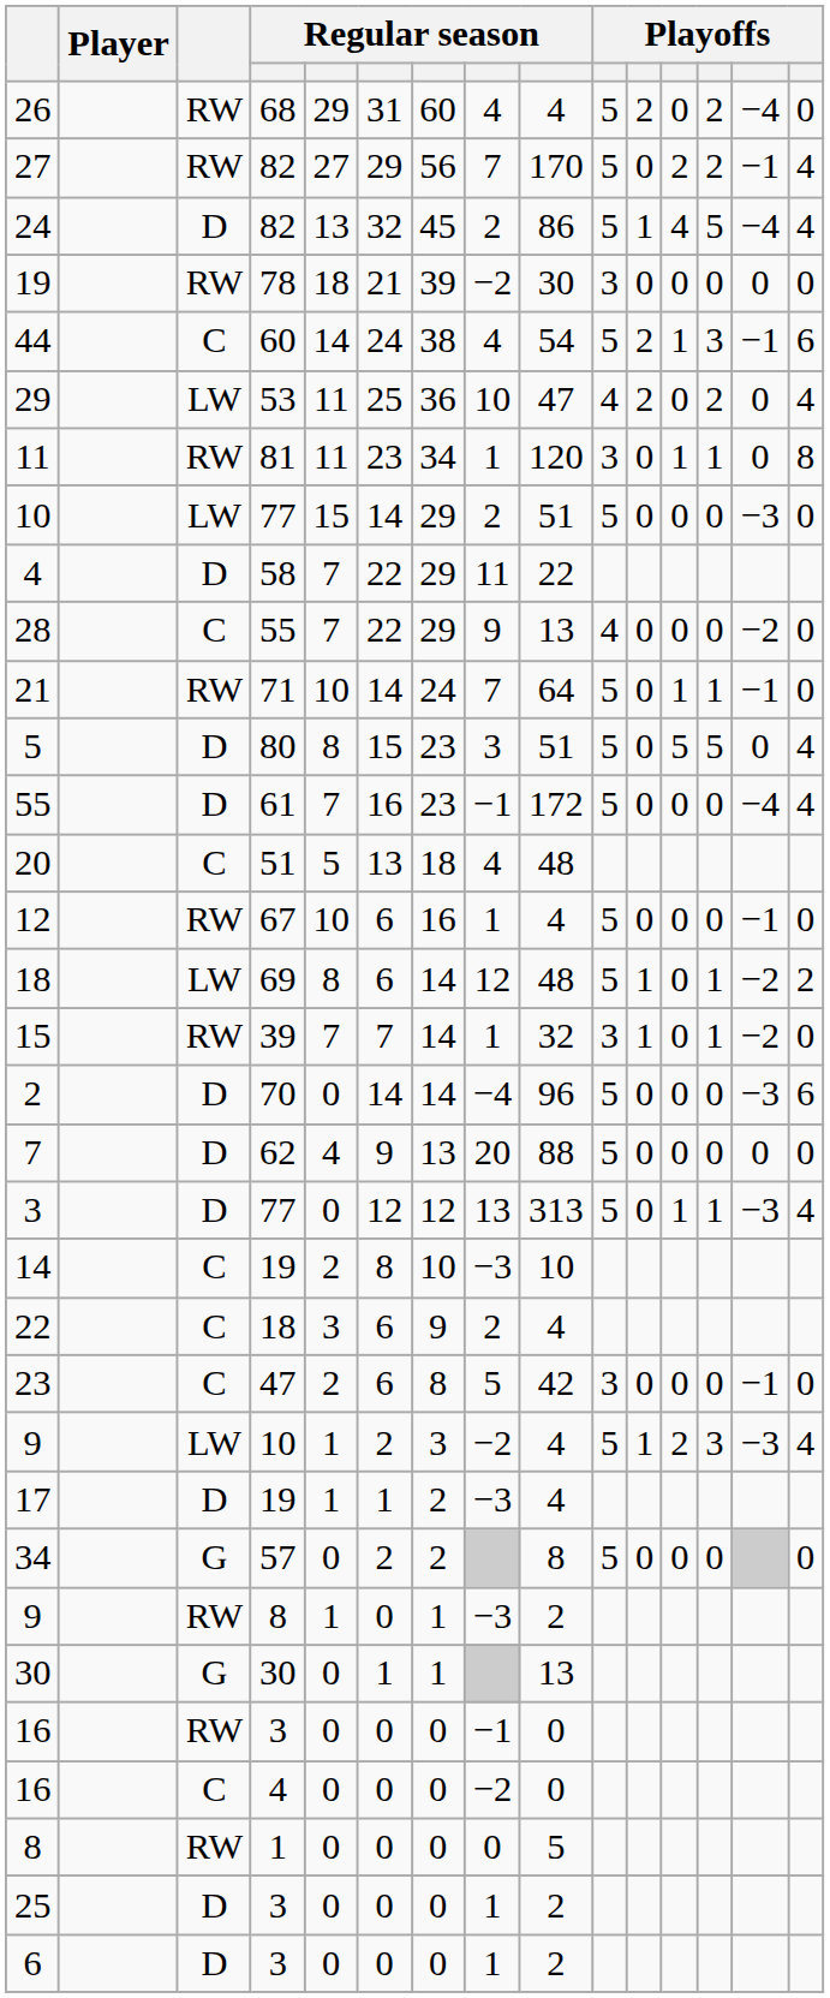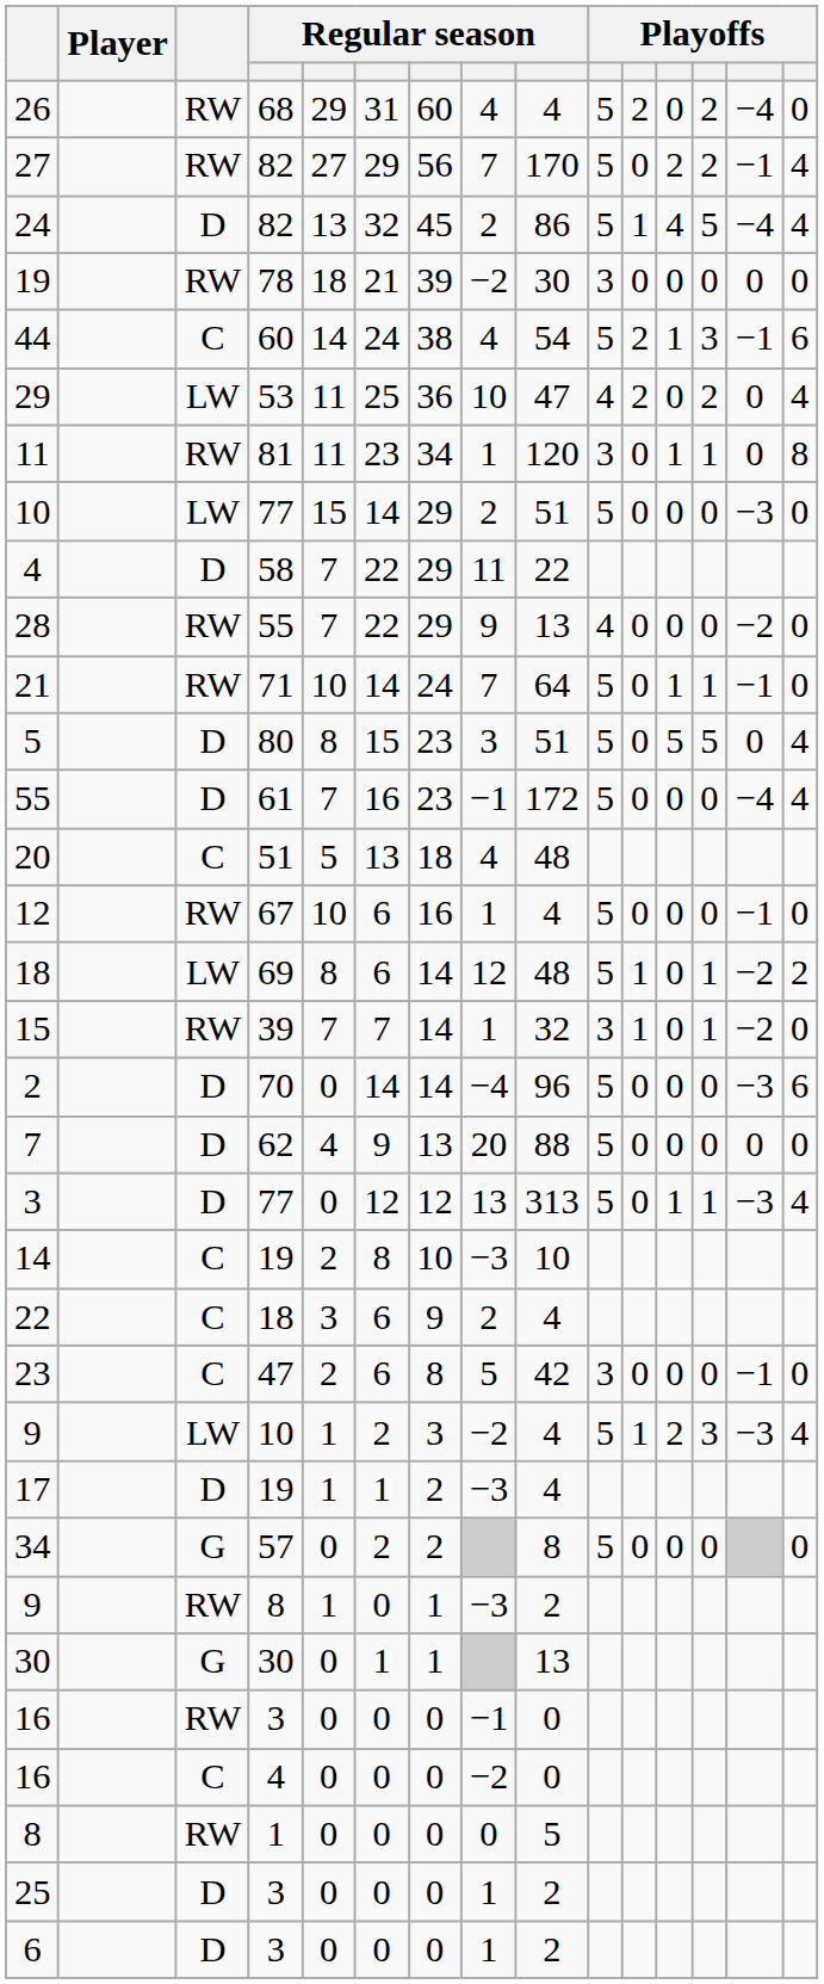 <table class="wikitable sortable plainrowheaders" style="text-align:center;">
 <tr>
 <th scope="col" data-sort-type="number" rowspan="2"></th>
 <th scope="col" rowspan="2">Player</th>
 <th scope="col" rowspan="2"></th>
 <th scope=colgroup colspan=6>Regular season</th>
 <th scope=colgroup colspan=6>Playoffs</th>
 </tr>
 <tr>
 <th scope="col" data-sort-type="number"></th>
 <th scope="col" data-sort-type="number"></th>
 <th scope="col" data-sort-type="number"></th>
 <th scope="col" data-sort-type="number"></th>
 <th scope="col" data-sort-type="number"></th>
 <th scope="col" data-sort-type="number"></th>
 <th scope="col" data-sort-type="number"></th>
 <th scope="col" data-sort-type="number"></th>
 <th scope="col" data-sort-type="number"></th>
 <th scope="col" data-sort-type="number"></th>
 <th scope="col" data-sort-type="number"></th>
 <th scope="col" data-sort-type="number"></th>
 </tr>
 <tr>
 <td scope="row">26</td>
 <td align="left"></td>
 <td>RW</td>
 <td>68</td>
 <td>29</td>
 <td>31</td>
 <td>60</td>
 <td>4</td>
 <td>4</td>
 <td>5</td>
 <td>2</td>
 <td>0</td>
 <td>2</td>
 <td>−4</td>
 <td>0</td>
 </tr>
 <tr>
 <td scope="row">27</td>
 <td align="left"></td>
 <td>RW</td>
 <td>82</td>
 <td>27</td>
 <td>29</td>
 <td>56</td>
 <td>7</td>
 <td>170</td>
 <td>5</td>
 <td>0</td>
 <td>2</td>
 <td>2</td>
 <td>−1</td>
 <td>4</td>
 </tr>
 <tr>
 <td scope="row">24</td>
 <td align="left"></td>
 <td>D</td>
 <td>82</td>
 <td>13</td>
 <td>32</td>
 <td>45</td>
 <td>2</td>
 <td>86</td>
 <td>5</td>
 <td>1</td>
 <td>4</td>
 <td>5</td>
 <td>−4</td>
 <td>4</td>
 </tr>
 <tr>
 <td scope="row">19</td>
 <td align="left"></td>
 <td>RW</td>
 <td>78</td>
 <td>18</td>
 <td>21</td>
 <td>39</td>
 <td>−2</td>
 <td>30</td>
 <td>3</td>
 <td>0</td>
 <td>0</td>
 <td>0</td>
 <td>0</td>
 <td>0</td>
 </tr>
 <tr>
 <td scope="row">44</td>
 <td align="left"></td>
 <td>C</td>
 <td>60</td>
 <td>14</td>
 <td>24</td>
 <td>38</td>
 <td>4</td>
 <td>54</td>
 <td>5</td>
 <td>2</td>
 <td>1</td>
 <td>3</td>
 <td>−1</td>
 <td>6</td>
 </tr>
 <tr>
 <td scope="row">29</td>
 <td align="left"></td>
 <td>LW</td>
 <td>53</td>
 <td>11</td>
 <td>25</td>
 <td>36</td>
 <td>10</td>
 <td>47</td>
 <td>4</td>
 <td>2</td>
 <td>0</td>
 <td>2</td>
 <td>0</td>
 <td>4</td>
 </tr>
 <tr>
 <td scope="row">11</td>
 <td align="left"></td>
 <td>RW</td>
 <td>81</td>
 <td>11</td>
 <td>23</td>
 <td>34</td>
 <td>1</td>
 <td>120</td>
 <td>3</td>
 <td>0</td>
 <td>1</td>
 <td>1</td>
 <td>0</td>
 <td>8</td>
 </tr>
 <tr>
 <td scope="row">10</td>
 <td align="left"></td>
 <td>LW</td>
 <td>77</td>
 <td>15</td>
 <td>14</td>
 <td>29</td>
 <td>2</td>
 <td>51</td>
 <td>5</td>
 <td>0</td>
 <td>0</td>
 <td>0</td>
 <td>−3</td>
 <td>0</td>
 </tr>
 <tr>
 <td scope="row">4</td>
 <td align="left"></td>
 <td>D</td>
 <td>58</td>
 <td>7</td>
 <td>22</td>
 <td>29</td>
 <td>11</td>
 <td>22</td>
 <td></td>
 <td></td>
 <td></td>
 <td></td>
 <td></td>
 <td></td>
 </tr>
 <tr>
 <td scope="row">28</td>
 <td align="left"></td>
-<td>C</td>
+<td>RW</td>
 <td>55</td>
 <td>7</td>
 <td>22</td>
 <td>29</td>
 <td>9</td>
 <td>13</td>
 <td>4</td>
 <td>0</td>
 <td>0</td>
 <td>0</td>
 <td>−2</td>
 <td>0</td>
 </tr>
 <tr>
 <td scope="row">21</td>
 <td align="left"></td>
 <td>RW</td>
 <td>71</td>
 <td>10</td>
 <td>14</td>
 <td>24</td>
 <td>7</td>
 <td>64</td>
 <td>5</td>
 <td>0</td>
 <td>1</td>
 <td>1</td>
 <td>−1</td>
 <td>0</td>
 </tr>
 <tr>
 <td scope="row">5</td>
 <td align="left"></td>
 <td>D</td>
 <td>80</td>
 <td>8</td>
 <td>15</td>
 <td>23</td>
 <td>3</td>
 <td>51</td>
 <td>5</td>
 <td>0</td>
 <td>5</td>
 <td>5</td>
 <td>0</td>
 <td>4</td>
 </tr>
 <tr>
 <td scope="row">55</td>
 <td align="left"></td>
 <td>D</td>
 <td>61</td>
 <td>7</td>
 <td>16</td>
 <td>23</td>
 <td>−1</td>
 <td>172</td>
 <td>5</td>
 <td>0</td>
 <td>0</td>
 <td>0</td>
 <td>−4</td>
 <td>4</td>
 </tr>
 <tr>
 <td scope="row">20</td>
 <td align="left"></td>
 <td>C</td>
 <td>51</td>
 <td>5</td>
 <td>13</td>
 <td>18</td>
 <td>4</td>
 <td>48</td>
 <td></td>
 <td></td>
 <td></td>
 <td></td>
 <td></td>
 <td></td>
 </tr>
 <tr>
 <td scope="row">12</td>
 <td align="left"></td>
 <td>RW</td>
 <td>67</td>
 <td>10</td>
 <td>6</td>
 <td>16</td>
 <td>1</td>
 <td>4</td>
 <td>5</td>
 <td>0</td>
 <td>0</td>
 <td>0</td>
 <td>−1</td>
 <td>0</td>
 </tr>
 <tr>
 <td scope="row">18</td>
 <td align="left"></td>
 <td>LW</td>
 <td>69</td>
 <td>8</td>
 <td>6</td>
 <td>14</td>
 <td>12</td>
 <td>48</td>
 <td>5</td>
 <td>1</td>
 <td>0</td>
 <td>1</td>
 <td>−2</td>
 <td>2</td>
 </tr>
 <tr>
 <td scope="row">15</td>
 <td align="left"></td>
 <td>RW</td>
 <td>39</td>
 <td>7</td>
 <td>7</td>
 <td>14</td>
 <td>1</td>
 <td>32</td>
 <td>3</td>
 <td>1</td>
 <td>0</td>
 <td>1</td>
 <td>−2</td>
 <td>0</td>
 </tr>
 <tr>
 <td scope="row">2</td>
 <td align="left"></td>
 <td>D</td>
 <td>70</td>
 <td>0</td>
 <td>14</td>
 <td>14</td>
 <td>−4</td>
 <td>96</td>
 <td>5</td>
 <td>0</td>
 <td>0</td>
 <td>0</td>
 <td>−3</td>
 <td>6</td>
 </tr>
 <tr>
 <td scope="row">7</td>
 <td align="left"></td>
 <td>D</td>
 <td>62</td>
 <td>4</td>
 <td>9</td>
 <td>13</td>
 <td>20</td>
 <td>88</td>
 <td>5</td>
 <td>0</td>
 <td>0</td>
 <td>0</td>
 <td>0</td>
 <td>0</td>
 </tr>
 <tr>
 <td scope="row">3</td>
 <td align="left"></td>
 <td>D</td>
 <td>77</td>
 <td>0</td>
 <td>12</td>
 <td>12</td>
 <td>13</td>
 <td>313</td>
 <td>5</td>
 <td>0</td>
 <td>1</td>
 <td>1</td>
 <td>−3</td>
 <td>4</td>
 </tr>
 <tr>
 <td scope="row">14</td>
 <td align="left"></td>
 <td>C</td>
 <td>19</td>
 <td>2</td>
 <td>8</td>
 <td>10</td>
 <td>−3</td>
 <td>10</td>
 <td></td>
 <td></td>
 <td></td>
 <td></td>
 <td></td>
 <td></td>
 </tr>
 <tr>
 <td scope="row">22</td>
 <td align="left"></td>
 <td>C</td>
 <td>18</td>
 <td>3</td>
 <td>6</td>
 <td>9</td>
 <td>2</td>
 <td>4</td>
 <td></td>
 <td></td>
 <td></td>
 <td></td>
 <td></td>
 <td></td>
 </tr>
 <tr>
 <td scope="row">23</td>
 <td align="left"></td>
 <td>C</td>
 <td>47</td>
 <td>2</td>
 <td>6</td>
 <td>8</td>
 <td>5</td>
 <td>42</td>
 <td>3</td>
 <td>0</td>
 <td>0</td>
 <td>0</td>
 <td>−1</td>
 <td>0</td>
 </tr>
 <tr>
 <td scope="row">9</td>
 <td align="left"></td>
 <td>LW</td>
 <td>10</td>
 <td>1</td>
 <td>2</td>
 <td>3</td>
 <td>−2</td>
 <td>4</td>
 <td>5</td>
 <td>1</td>
 <td>2</td>
 <td>3</td>
 <td>−3</td>
 <td>4</td>
 </tr>
 <tr>
 <td scope="row">17</td>
 <td align="left"></td>
 <td>D</td>
 <td>19</td>
 <td>1</td>
 <td>1</td>
 <td>2</td>
 <td>−3</td>
 <td>4</td>
 <td></td>
 <td></td>
 <td></td>
 <td></td>
 <td></td>
 <td></td>
 </tr>
 <tr>
 <td scope="row">34</td>
 <td align="left"></td>
 <td>G</td>
 <td>57</td>
 <td>0</td>
 <td>2</td>
 <td>2</td>
 <td style="background:#ccc"></td>
 <td>8</td>
 <td>5</td>
 <td>0</td>
 <td>0</td>
 <td>0</td>
 <td style="background:#ccc"></td>
 <td>0</td>
 </tr>
 <tr>
 <td scope="row">9</td>
 <td align="left"></td>
 <td>RW</td>
 <td>8</td>
 <td>1</td>
 <td>0</td>
 <td>1</td>
 <td>−3</td>
 <td>2</td>
 <td></td>
 <td></td>
 <td></td>
 <td></td>
 <td></td>
 <td></td>
 </tr>
 <tr>
 <td scope="row">30</td>
 <td align="left"></td>
 <td>G</td>
 <td>30</td>
 <td>0</td>
 <td>1</td>
 <td>1</td>
 <td style="background:#ccc"></td>
 <td>13</td>
 <td></td>
 <td></td>
 <td></td>
 <td></td>
 <td></td>
 <td></td>
 </tr>
 <tr>
 <td scope="row">16</td>
 <td align="left"></td>
 <td>RW</td>
 <td>3</td>
 <td>0</td>
 <td>0</td>
 <td>0</td>
 <td>−1</td>
 <td>0</td>
 <td></td>
 <td></td>
 <td></td>
 <td></td>
 <td></td>
 <td></td>
 </tr>
 <tr>
 <td scope="row">16</td>
 <td align="left"></td>
 <td>C</td>
 <td>4</td>
 <td>0</td>
 <td>0</td>
 <td>0</td>
 <td>−2</td>
 <td>0</td>
 <td></td>
 <td></td>
 <td></td>
 <td></td>
 <td></td>
 <td></td>
 </tr>
 <tr>
 <td scope="row">8</td>
 <td align="left"></td>
 <td>RW</td>
 <td>1</td>
 <td>0</td>
 <td>0</td>
 <td>0</td>
 <td>0</td>
 <td>5</td>
 <td></td>
 <td></td>
 <td></td>
 <td></td>
 <td></td>
 <td></td>
 </tr>
 <tr>
 <td scope="row">25</td>
 <td align="left"></td>
 <td>D</td>
 <td>3</td>
 <td>0</td>
 <td>0</td>
 <td>0</td>
 <td>1</td>
 <td>2</td>
 <td></td>
 <td></td>
 <td></td>
 <td></td>
 <td></td>
 <td></td>
 </tr>
 <tr>
 <td scope="row">6</td>
 <td align="left"></td>
 <td>D</td>
 <td>3</td>
 <td>0</td>
 <td>0</td>
 <td>0</td>
 <td>1</td>
 <td>2</td>
 <td></td>
 <td></td>
 <td></td>
 <td></td>
 <td></td>
 <td></td>
 </tr>
 </table>
